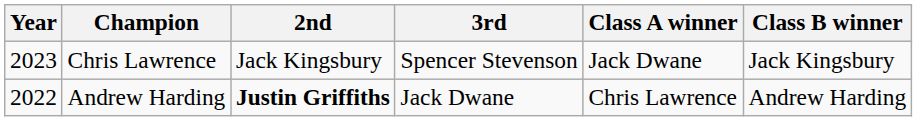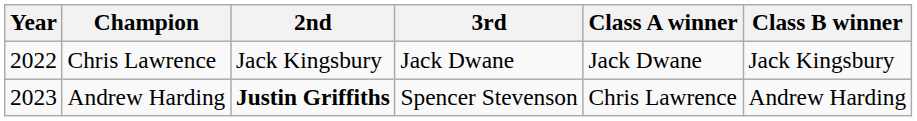 <table class="wikitable">
 <tr>
 <th>Year</th>
 <th>Champion</th>
 <th>2nd</th>
 <th>3rd</th>
 <th>Class A winner</th>
 <th>Class B winner</th>
 </tr>
 <tr>
-<td>2023</td>
+<td>2022</td>
 <td>Chris Lawrence</td>
 <td>Jack Kingsbury</td>
-<td>Spencer Stevenson</td>
+<td>Jack Dwane</td>
 <td>Jack Dwane</td>
 <td>Jack Kingsbury</td>
 </tr>
 <tr>
-<td>2022</td>
+<td>2023</td>
 <td>Andrew Harding</td>
 <td><strong>Justin Griffiths</strong></td>
-<td>Jack Dwane</td>
+<td>Spencer Stevenson</td>
 <td>Chris Lawrence</td>
 <td>Andrew Harding</td>
 </tr>
 </table>
